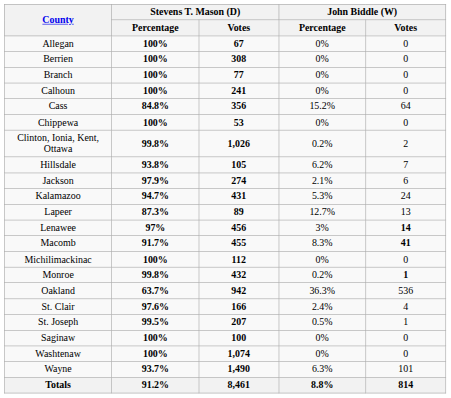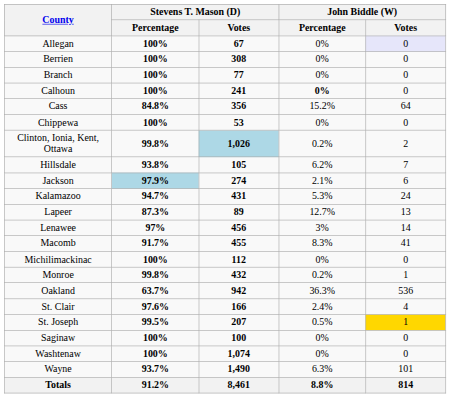 <table style="width:45%;" class="wikitable sortable">
 <tr style="background:lightgrey;">
 <th style="width:10%;" rowspan=2><a href='#'>County</a></th>
 <th style="width:20%;" colspan=2>Stevens T. Mason (D)</th>
 <th style="width:20%;" colspan=2>John Biddle (W)</th>
 </tr>
 <tr>
 <th style="width:10%;">Percentage</th>
 <th style="width:10%;">Votes</th>
 <th style="width:10%;">Percentage</th>
 <th style="width:10%;">Votes</th>
 </tr>
 <tr>
 <td align="center" >Allegan</td>
 <td style="text-align:center;"><strong>100%</strong></td>
 <td style="text-align:center;"><strong>67</strong></td>
 <td style="text-align:center;">0%</td>
-<td style="text-align:center;">0</td>
+<td style="background: lavender; text-align:center;">0</td>
 </tr>
 <tr>
 <td align="center" >Berrien</td>
 <td style="text-align:center;"><strong>100%</strong></td>
 <td style="text-align:center;"><strong>308</strong></td>
 <td style="text-align:center;">0%</td>
 <td style="text-align:center;">0</td>
 </tr>
 <tr>
 <td align="center" >Branch</td>
 <td style="text-align:center;"><strong>100%</strong></td>
 <td style="text-align:center;"><strong>77</strong></td>
 <td style="text-align:center;">0%</td>
 <td style="text-align:center;">0</td>
 </tr>
 <tr>
 <td align="center" >Calhoun</td>
 <td style="text-align:center;"><strong>100%</strong></td>
 <td style="text-align:center;"><strong>241</strong></td>
-<td style="text-align:center;">0%</td>
+<td style="text-align:center;"><strong>0%</strong></td>
 <td style="text-align:center;">0</td>
 </tr>
 <tr>
 <td align="center" >Cass</td>
 <td style="text-align:center;"><strong>84.8%</strong></td>
 <td style="text-align:center;"><strong>356</strong></td>
 <td style="text-align:center;">15.2%</td>
 <td style="text-align:center;">64</td>
 </tr>
 <tr>
 <td align="center" >Chippewa</td>
 <td style="text-align:center;"><strong>100%</strong></td>
 <td style="text-align:center;"><strong>53</strong></td>
 <td style="text-align:center;">0%</td>
 <td style="text-align:center;">0</td>
 </tr>
 <tr>
 <td align="center" >Clinton, Ionia, Kent, Ottawa</td>
 <td style="text-align:center;"><strong>99.8%</strong></td>
-<td style="text-align:center;"><strong>1,026</strong></td>
+<td style="background: lightblue; text-align:center;"><strong>1,026</strong></td>
 <td style="text-align:center;">0.2%</td>
 <td style="text-align:center;">2</td>
 </tr>
 <tr>
 <td align="center" >Hillsdale</td>
 <td style="text-align:center;"><strong>93.8%</strong></td>
 <td style="text-align:center;"><strong>105</strong></td>
 <td style="text-align:center;">6.2%</td>
 <td style="text-align:center;">7</td>
 </tr>
 <tr>
 <td align="center" >Jackson</td>
-<td style="text-align:center;"><strong>97.9%</strong></td>
+<td style="background: lightblue; text-align:center;"><strong>97.9%</strong></td>
 <td style="text-align:center;"><strong>274</strong></td>
 <td style="text-align:center;">2.1%</td>
 <td style="text-align:center;">6</td>
 </tr>
 <tr>
 <td align="center" >Kalamazoo</td>
 <td style="text-align:center;"><strong>94.7%</strong></td>
 <td style="text-align:center;"><strong>431</strong></td>
 <td style="text-align:center;">5.3%</td>
 <td style="text-align:center;">24</td>
 </tr>
 <tr>
 <td align="center" >Lapeer</td>
 <td style="text-align:center;"><strong>87.3%</strong></td>
 <td style="text-align:center;"><strong>89</strong></td>
 <td style="text-align:center;">12.7%</td>
 <td style="text-align:center;">13</td>
 </tr>
 <tr>
 <td align="center" >Lenawee</td>
 <td style="text-align:center;"><strong>97%</strong></td>
 <td style="text-align:center;"><strong>456</strong></td>
 <td style="text-align:center;">3%</td>
-<td style="text-align:center;"><strong>14</strong></td>
+<td style="text-align:center;">14</td>
 </tr>
 <tr>
 <td align="center" >Macomb</td>
 <td style="text-align:center;"><strong>91.7%</strong></td>
 <td style="text-align:center;"><strong>455</strong></td>
 <td style="text-align:center;">8.3%</td>
-<td style="text-align:center;"><strong>41</strong></td>
+<td style="text-align:center;">41</td>
 </tr>
 <tr>
 <td align="center" >Michilimackinac</td>
 <td style="text-align:center;"><strong>100%</strong></td>
 <td style="text-align:center;"><strong>112</strong></td>
 <td style="text-align:center;">0%</td>
 <td style="text-align:center;">0</td>
 </tr>
 <tr>
 <td align="center" >Monroe</td>
 <td style="text-align:center;"><strong>99.8%</strong></td>
 <td style="text-align:center;"><strong>432</strong></td>
 <td style="text-align:center;">0.2%</td>
-<td style="text-align:center;"><strong>1</strong></td>
+<td style="text-align:center;">1</td>
 </tr>
 <tr>
 <td align="center" >Oakland</td>
 <td style="text-align:center;"><strong>63.7%</strong></td>
 <td style="text-align:center;"><strong>942</strong></td>
 <td style="text-align:center;">36.3%</td>
 <td style="text-align:center;">536</td>
 </tr>
 <tr>
 <td align="center" >St. Clair</td>
 <td style="text-align:center;"><strong>97.6%</strong></td>
 <td style="text-align:center;"><strong>166</strong></td>
 <td style="text-align:center;">2.4%</td>
 <td style="text-align:center;">4</td>
 </tr>
 <tr>
 <td align="center" >St. Joseph</td>
 <td style="text-align:center;"><strong>99.5%</strong></td>
 <td style="text-align:center;"><strong>207</strong></td>
 <td style="text-align:center;">0.5%</td>
-<td style="text-align:center;">1</td>
+<td style="background: gold; text-align:center;">1</td>
 </tr>
 <tr>
 <td align="center" >Saginaw</td>
 <td style="text-align:center;"><strong>100%</strong></td>
 <td style="text-align:center;"><strong>100</strong></td>
 <td style="text-align:center;">0%</td>
 <td style="text-align:center;">0</td>
 </tr>
 <tr>
 <td align="center" >Washtenaw</td>
 <td style="text-align:center;"><strong>100%</strong></td>
 <td style="text-align:center;"><strong>1,074</strong></td>
 <td style="text-align:center;">0%</td>
 <td style="text-align:center;">0</td>
 </tr>
 <tr>
 <td align="center" >Wayne</td>
 <td style="text-align:center;"><strong>93.7%</strong></td>
 <td style="text-align:center;"><strong>1,490</strong></td>
 <td style="text-align:center;">6.3%</td>
 <td style="text-align:center;">101</td>
 </tr>
 <tr>
 <th align="center" >Totals</th>
 <th style="text-align:center;"><strong>91.2%</strong></th>
 <th style="text-align:center;"><strong>8,461</strong></th>
 <th style="text-align:center;">8.8%</th>
 <th style="text-align:center;">814</th>
 </tr>
 </table>
